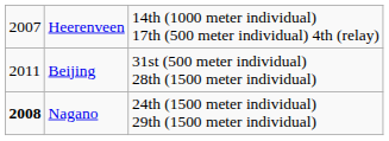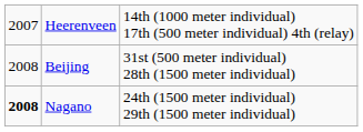 <table class="wikitable">
 <tr>
 <td>2007</td>
 <td><a href='#'>Heerenveen</a></td>
 <td>14th (1000 meter individual)<br>17th (500 meter individual) 4th (relay)</td>
 </tr>
 <tr>
-<td>2011</td>
+<td>2008</td>
 <td><a href='#'>Beijing</a></td>
 <td>31st (500 meter individual)<br>28th (1500 meter individual)</td>
 </tr>
 <tr>
 <td><strong>2008</strong></td>
 <td><a href='#'>Nagano</a></td>
 <td>24th (1500 meter individual)<br>29th (1500 meter individual)</td>
 </tr>
 </table>
